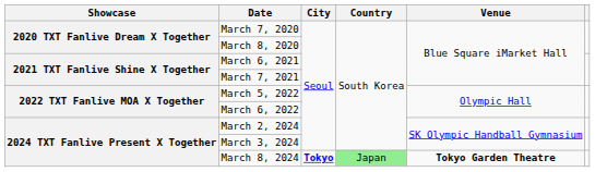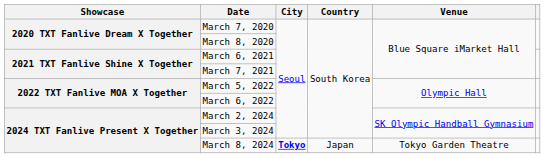 <table class="wikitable plainrowheaders" style="text-align:center;">
 <tr>
 <th scope="col">Showcase</th>
 <th scope="col">Date</th>
 <th scope="col">City</th>
 <th scope="col">Country</th>
 <th scope="col">Venue</th>
 <th scope="col" class="unsortable"></th>
 </tr>
 <tr>
 <th rowspan="2" scope="row">2020 TXT Fanlive Dream X Together</th>
 <td>March 7, 2020</td>
 <td rowspan="8"><a href='#'>Seoul</a></td>
 <td rowspan="8">South Korea</td>
 <td rowspan="4">Blue Square iMarket Hall</td>
 <td rowspan="2"></td>
 </tr>
 <tr>
 <td>March 8, 2020</td>
 </tr>
 <tr>
 <th rowspan="2" scope="row">2021 TXT Fanlive Shine X Together</th>
 <td>March 6, 2021</td>
 <td rowspan="2"></td>
 </tr>
 <tr>
 <td>March 7, 2021</td>
 </tr>
 <tr>
 <th rowspan="2" scope="row">2022 TXT Fanlive MOA X Together</th>
 <td>March 5, 2022</td>
 <td rowspan="2"><a href='#'>Olympic Hall</a></td>
 <td rowspan="2" style="text-align:center;"></td>
 </tr>
 <tr>
 <td>March 6, 2022</td>
 </tr>
 <tr>
 <th rowspan="3" scope="row">2024 TXT Fanlive Present X Together</th>
 <td>March 2, 2024</td>
 <td rowspan="2"><a href='#'>SK Olympic Handball Gymnasium</a></td>
 <td rowspan="2"></td>
 </tr>
 <tr>
 <td>March 3, 2024</td>
 </tr>
 <tr>
 <td>March 8, 2024</td>
 <td><strong><a href='#'>Tokyo</a></strong></td>
-<td style="background: lightgreen;">Japan</td>
-<td><strong>Tokyo Garden Theatre</strong></td>
+<td>Japan</td>
+<td>Tokyo Garden Theatre</td>
 <td></td>
 </tr>
 </table>
